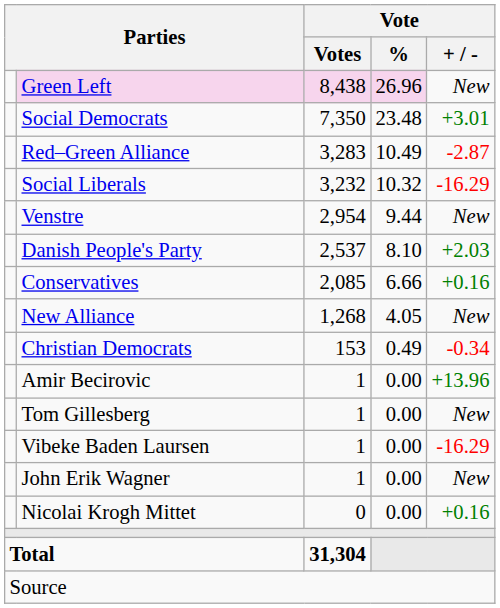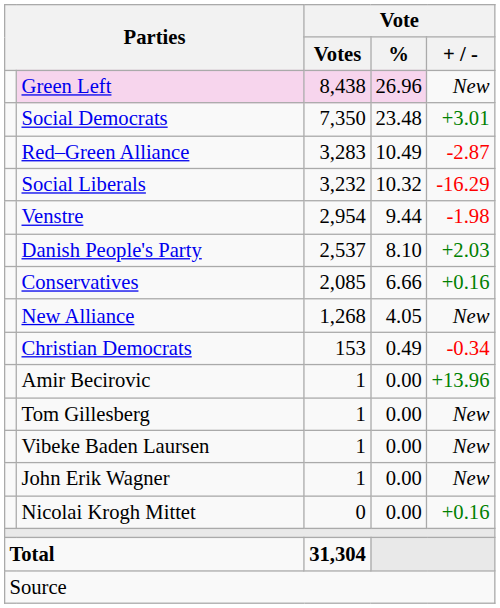 <table class="wikitable" style="text-align:right;">
 <tr>
 <th style="text-align:centre;" rowspan="2" colspan="2" width="225">Parties</th>
 <th colspan="3">Vote</th>
 </tr>
 <tr>
 <th width="15">Votes</th>
 <th width="15">%</th>
 <th width="15">+ / -</th>
 </tr>
 <tr>
 <td width="2" style="color:inherit;background:"></td>
 <td bgcolor=#f7d5ed  align="left"><a href='#'>Green Left</a></td>
 <td bgcolor=#f7d5ed>8,438</td>
 <td bgcolor=#f7d5ed>26.96</td>
 <td><em>New</em></td>
 </tr>
 <tr>
 <td width="2" style="color:inherit;background:"></td>
 <td align="left"><a href='#'>Social Democrats</a></td>
 <td>7,350</td>
 <td>23.48</td>
 <td style=color:green;>+3.01</td>
 </tr>
 <tr>
 <td width="2" style="color:inherit;background:"></td>
 <td align="left"><a href='#'>Red–Green Alliance</a></td>
 <td>3,283</td>
 <td>10.49</td>
 <td style=color:red;>-2.87</td>
 </tr>
 <tr>
 <td width="2" style="color:inherit;background:"></td>
 <td align="left"><a href='#'>Social Liberals</a></td>
 <td>3,232</td>
 <td>10.32</td>
 <td style=color:red;>-16.29</td>
 </tr>
 <tr>
 <td width="2" style="color:inherit;background:"></td>
 <td align="left"><a href='#'>Venstre</a></td>
 <td>2,954</td>
 <td>9.44</td>
-<td><em>New</em></td>
+<td style=color:red;>-1.98</td>
 </tr>
 <tr>
 <td width="2" style="color:inherit;background:"></td>
 <td align="left"><a href='#'>Danish People's Party</a></td>
 <td>2,537</td>
 <td>8.10</td>
 <td style=color:green;>+2.03</td>
 </tr>
 <tr>
 <td width="2" style="color:inherit;background:"></td>
 <td align="left"><a href='#'>Conservatives</a></td>
 <td>2,085</td>
 <td>6.66</td>
 <td style=color:green;>+0.16</td>
 </tr>
 <tr>
 <td width="2" style="color:inherit;background:"></td>
 <td align="left"><a href='#'>New Alliance</a></td>
 <td>1,268</td>
 <td>4.05</td>
 <td><em>New</em></td>
 </tr>
 <tr>
 <td width="2" style="color:inherit;background:"></td>
 <td align="left"><a href='#'>Christian Democrats</a></td>
 <td>153</td>
 <td>0.49</td>
 <td style=color:red;>-0.34</td>
 </tr>
 <tr>
 <td width="2" style="color:inherit;background:"></td>
 <td align="left">Amir Becirovic</td>
 <td>1</td>
 <td>0.00</td>
 <td style=color:green;>+13.96</td>
 </tr>
 <tr>
 <td width="2" style="color:inherit;background:"></td>
 <td align="left">Tom Gillesberg</td>
 <td>1</td>
 <td>0.00</td>
 <td><em>New</em></td>
 </tr>
 <tr>
 <td width="2" style="color:inherit;background:"></td>
 <td align="left">Vibeke Baden Laursen</td>
 <td>1</td>
 <td>0.00</td>
-<td style=color:red;>-16.29</td>
+<td><em>New</em></td>
 </tr>
 <tr>
 <td width="2" style="color:inherit;background:"></td>
 <td align="left">John Erik Wagner</td>
 <td>1</td>
 <td>0.00</td>
 <td><em>New</em></td>
 </tr>
 <tr>
 <td width="2" style="color:inherit;background:"></td>
 <td align="left">Nicolai Krogh Mittet</td>
 <td>0</td>
 <td>0.00</td>
 <td style=color:green;>+0.16</td>
 </tr>
 <tr>
 <td colspan="7" bgcolor="#E9E9E9"></td>
 </tr>
 <tr>
 <td align="left" colspan="2"><strong>Total</strong></td>
 <td><strong>31,304</strong></td>
 <td bgcolor="#E9E9E9" colspan="2"></td>
 </tr>
 <tr>
 <td align="left" colspan="6">Source</td>
 </tr>
 </table>
